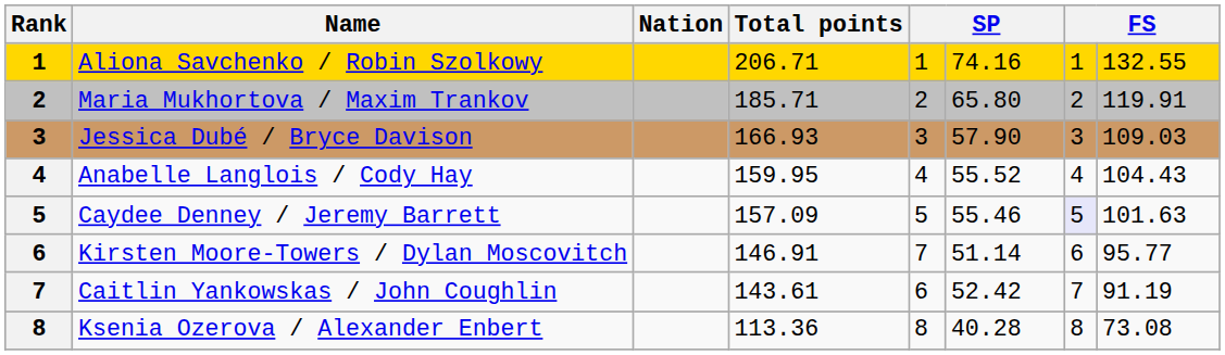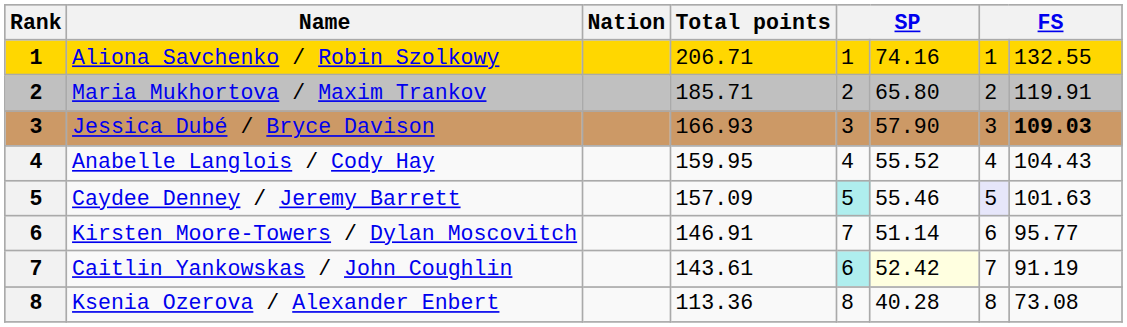 <table class="wikitable sortable">
 <tr>
 <th>Rank</th>
 <th>Name</th>
 <th>Nation</th>
 <th>Total points</th>
 <th colspan="2" width="80px"><a href='#'>SP</a></th>
 <th colspan="2" width="80px"><a href='#'>FS</a></th>
 </tr>
 <tr bgcolor="gold">
 <td align="center"><strong>1</strong></td>
 <td><a href='#'>Aliona Savchenko</a> / <a href='#'>Robin Szolkowy</a></td>
 <td></td>
 <td>206.71</td>
 <td>1</td>
 <td>74.16</td>
 <td>1</td>
 <td>132.55</td>
 </tr>
 <tr bgcolor="silver">
 <td align="center"><strong>2</strong></td>
 <td><a href='#'>Maria Mukhortova</a> / <a href='#'>Maxim Trankov</a></td>
 <td></td>
 <td>185.71</td>
 <td>2</td>
 <td>65.80</td>
 <td>2</td>
 <td>119.91</td>
 </tr>
 <tr bgcolor="cc9966">
 <td align="center"><strong>3</strong></td>
 <td><a href='#'>Jessica Dubé</a> / <a href='#'>Bryce Davison</a></td>
 <td></td>
 <td>166.93</td>
 <td>3</td>
 <td>57.90</td>
 <td>3</td>
-<td>109.03</td>
+<td><strong>109.03</strong></td>
 </tr>
 <tr>
 <th>4</th>
 <td><a href='#'>Anabelle Langlois</a> / <a href='#'>Cody Hay</a></td>
 <td></td>
 <td>159.95</td>
 <td>4</td>
 <td>55.52</td>
 <td>4</td>
 <td>104.43</td>
 </tr>
 <tr>
 <th>5</th>
 <td><a href='#'>Caydee Denney</a> / <a href='#'>Jeremy Barrett</a></td>
 <td></td>
 <td>157.09</td>
-<td>5</td>
+<td style="background: paleturquoise;">5</td>
 <td>55.46</td>
 <td style="background: lavender;">5</td>
 <td>101.63</td>
 </tr>
 <tr>
 <th>6</th>
 <td><a href='#'>Kirsten Moore-Towers</a> / <a href='#'>Dylan Moscovitch</a></td>
 <td></td>
 <td>146.91</td>
 <td>7</td>
 <td>51.14</td>
 <td>6</td>
 <td>95.77</td>
 </tr>
 <tr>
 <th>7</th>
 <td><a href='#'>Caitlin Yankowskas</a> / <a href='#'>John Coughlin</a></td>
 <td></td>
 <td>143.61</td>
-<td>6</td>
-<td>52.42</td>
+<td style="background: paleturquoise;">6</td>
+<td style="background: lightyellow;">52.42</td>
 <td>7</td>
 <td>91.19</td>
 </tr>
 <tr>
 <th>8</th>
 <td><a href='#'>Ksenia Ozerova</a> / <a href='#'>Alexander Enbert</a></td>
 <td></td>
 <td>113.36</td>
 <td>8</td>
 <td>40.28</td>
 <td>8</td>
 <td>73.08</td>
 </tr>
 </table>
